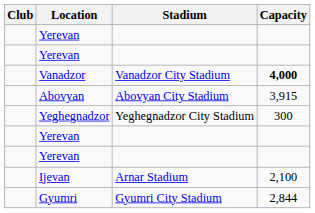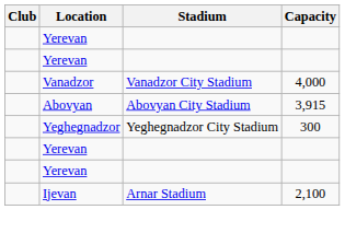 <table class="wikitable sortable" style="font-size:95%">
 <tr>
 <th>Club</th>
 <th>Location</th>
 <th>Stadium</th>
 <th>Capacity</th>
 </tr>
 <tr>
 <td></td>
 <td><a href='#'>Yerevan</a></td>
 <td></td>
 <td style="text-align:center;"></td>
 </tr>
 <tr>
 <td></td>
 <td><a href='#'>Yerevan</a></td>
 <td></td>
 <td style="text-align:center;"></td>
 </tr>
 <tr>
 <td></td>
 <td><a href='#'>Vanadzor</a></td>
 <td><a href='#'>Vanadzor City Stadium</a></td>
-<td style="text-align:center;"><strong>4,000</strong></td>
+<td style="text-align:center;">4,000</td>
 </tr>
 <tr>
 <td></td>
 <td><a href='#'>Abovyan</a></td>
 <td><a href='#'>Abovyan City Stadium</a></td>
 <td style="text-align:center;">3,915</td>
 </tr>
 <tr>
 <td></td>
 <td><a href='#'>Yeghegnadzor</a></td>
 <td>Yeghegnadzor City Stadium</td>
 <td style="text-align:center;">300</td>
 </tr>
 <tr>
 <td></td>
 <td><a href='#'>Yerevan</a></td>
 <td></td>
 <td style="text-align:center;"></td>
 </tr>
 <tr>
 <td></td>
 <td><a href='#'>Yerevan</a></td>
 <td></td>
 <td style="text-align:center;"></td>
 </tr>
 <tr>
 <td></td>
 <td><a href='#'>Ijevan</a></td>
 <td><a href='#'>Arnar Stadium</a></td>
 <td style="text-align:center;">2,100</td>
 </tr>
-<tr>
-<td></td>
-<td><a href='#'>Gyumri</a></td>
-<td><a href='#'>Gyumri City Stadium</a></td>
-<td style="text-align:center;">2,844</td>
-</tr>
 </table>
